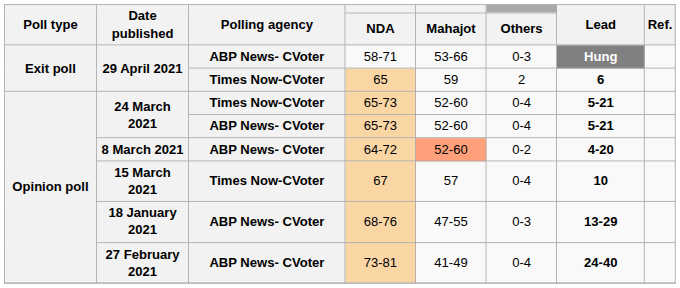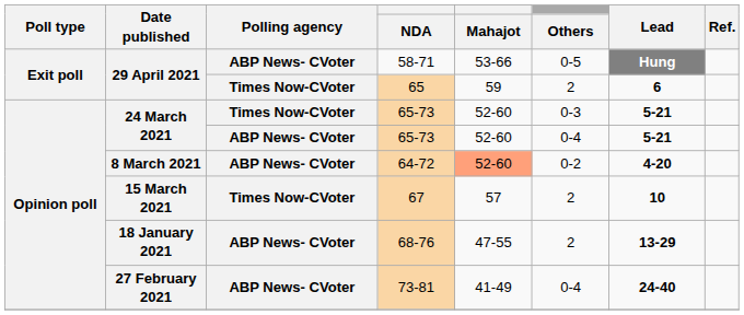 <table class="wikitable sortable" style="text-align:center; font-size:95%; line-height:20px">
 <tr>
 <th rowspan="2" width="100px">Poll type</th>
 <th rowspan="2" width="100px">Date published</th>
 <th rowspan="2" width="175px">Polling agency</th>
 <th style="background:"></th>
 <th style="background:"></th>
 <th style="background:darkgrey"></th>
 <th rowspan="2" width="95px">Lead</th>
 <th rowspan="2">Ref.</th>
 </tr>
 <tr>
 <th style="width:75px;">NDA</th>
 <th style="width:75px;">Mahajot</th>
 <th style="width:75px;">Others</th>
 </tr>
 <tr>
 <th rowspan="2">Exit poll</th>
 <th rowspan="2">29 April 2021</th>
 <th>ABP News- CVoter</th>
 <td>58-71</td>
 <td>53-66</td>
-<td>0-3</td>
+<td>0-5</td>
 <td style="background:gray; color:white"><strong>Hung</strong></td>
 <td></td>
 </tr>
 <tr>
 <th>Times Now-CVoter</th>
 <td style="background:#FAD6A5;">65</td>
 <td>59</td>
 <td>2</td>
 <td style="background:"><span> <strong>6</strong></span></td>
 <td></td>
 </tr>
 <tr>
 <th rowspan=6 align=center>Opinion poll</th>
 <th rowspan=2 align=center>24 March 2021</th>
 <th>Times Now-CVoter</th>
 <td style="background:#FAD6A5;">65-73</td>
 <td>52-60</td>
-<td>0-4</td>
+<td>0-3</td>
 <td style="background:"><span> <strong>5-21</strong></span></td>
 <td></td>
 </tr>
 <tr>
 <th>ABP News- CVoter</th>
 <td style="background:#FAD6A5;">65-73</td>
 <td>52-60</td>
 <td>0-4</td>
 <td style="background:"><span> <strong>5-21</strong></span></td>
 <td></td>
 </tr>
 <tr>
 <th>8 March 2021</th>
 <th>ABP News- CVoter</th>
 <td style="background:#FAD6A5;">64-72</td>
 <td style="background: lightsalmon;">52-60</td>
 <td>0-2</td>
 <td style="background:"><span> <strong>4-20</strong></span></td>
 <td></td>
 </tr>
 <tr>
 <th>15 March 2021</th>
 <th>Times Now-CVoter</th>
 <td style="background:#FAD6A5;">67</td>
 <td>57</td>
-<td>0-4</td>
+<td>2</td>
 <td style="background:"><span> <strong>10</strong></span></td>
 <td></td>
 </tr>
 <tr>
 <th>18 January 2021</th>
 <th>ABP News- CVoter</th>
 <td style="background:#FAD6A5;">68-76</td>
 <td>47-55</td>
-<td>0-3</td>
+<td>2</td>
 <td style="background:"><span> <strong>13-29</strong></span></td>
 <td></td>
 </tr>
 <tr>
 <th>27 February 2021</th>
 <th>ABP News- CVoter</th>
 <td style="background:#FAD6A5;">73-81</td>
 <td>41-49</td>
 <td>0-4</td>
 <td style="background:"><span> <strong>24-40</strong></span></td>
 <td></td>
 </tr>
 <tr>
 </tr>
 </table>
